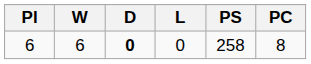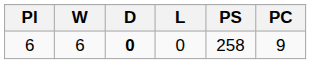 <table class="wikitable" style="text-align:center">
 <tr>
 </tr>
 <tr>
 <th width=40px>Pl</th>
 <th width=40px>W</th>
 <th width=40px>D</th>
 <th width=40px>L</th>
 <th width=40px>PS</th>
 <th width=40px>PC</th>
 </tr>
 <tr>
 <td>6</td>
 <td>6</td>
 <td><strong>0</strong></td>
 <td>0</td>
 <td>258</td>
-<td>8</td>
+<td>9</td>
 </tr>
 </table>
